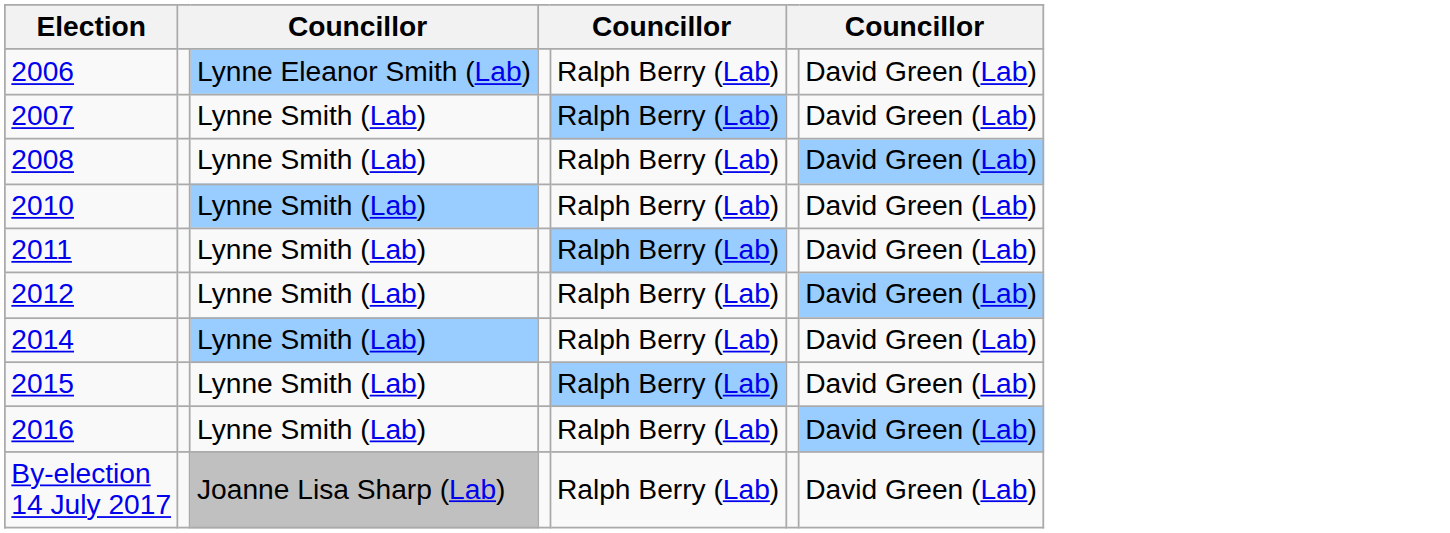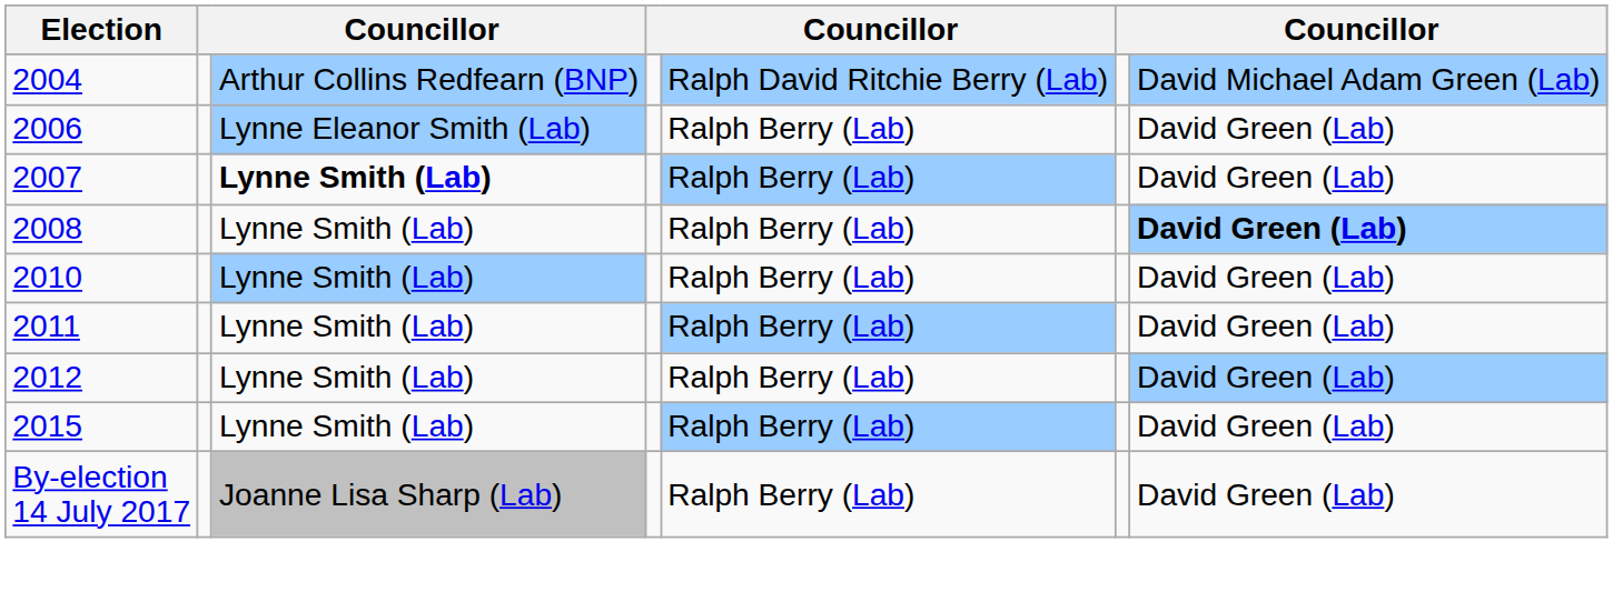 <table class="wikitable">
 <tr>
 <th>Election</th>
 <th colspan="2">Councillor</th>
 <th colspan="2">Councillor</th>
 <th colspan="2">Councillor</th>
+</tr>
+<tr>
+<td><a href='#'>2004</a></td>
+<td style="background-color: "></td>
+<td bgcolor="#99CCFF">Arthur Collins Redfearn (<a href='#'>BNP</a>)</td>
+<td style="background-color: "></td>
+<td bgcolor="#99CCFF">Ralph David Ritchie Berry (<a href='#'>Lab</a>)</td>
+<td style="background-color: "></td>
+<td bgcolor="#99CCFF">David Michael Adam Green (<a href='#'>Lab</a>)</td>
 </tr>
 <tr>
 <td><a href='#'>2006</a></td>
 <td style="background-color: "></td>
 <td bgcolor="#99CCFF">Lynne Eleanor Smith (<a href='#'>Lab</a>)</td>
 <td style="background-color: "></td>
 <td>Ralph Berry (<a href='#'>Lab</a>)</td>
 <td style="background-color: "></td>
 <td>David Green (<a href='#'>Lab</a>)</td>
 </tr>
 <tr>
 <td><a href='#'>2007</a></td>
 <td style="background-color: "></td>
-<td>Lynne Smith (<a href='#'>Lab</a>)</td>
+<td><strong>Lynne Smith (<a href='#'>Lab</a>)</strong></td>
 <td style="background-color: "></td>
 <td bgcolor="#99CCFF">Ralph Berry (<a href='#'>Lab</a>)</td>
 <td style="background-color: "></td>
 <td>David Green (<a href='#'>Lab</a>)</td>
 </tr>
 <tr>
 <td><a href='#'>2008</a></td>
 <td style="background-color: "></td>
 <td>Lynne Smith (<a href='#'>Lab</a>)</td>
 <td style="background-color: "></td>
 <td>Ralph Berry (<a href='#'>Lab</a>)</td>
 <td style="background-color: "></td>
-<td bgcolor="#99CCFF">David Green (<a href='#'>Lab</a>)</td>
+<td bgcolor="#99CCFF"><strong>David Green (<a href='#'>Lab</a>)</strong></td>
 </tr>
 <tr>
 <td><a href='#'>2010</a></td>
 <td style="background-color: "></td>
 <td bgcolor="#99CCFF">Lynne Smith (<a href='#'>Lab</a>)</td>
 <td style="background-color: "></td>
 <td>Ralph Berry (<a href='#'>Lab</a>)</td>
 <td style="background-color: "></td>
 <td>David Green (<a href='#'>Lab</a>)</td>
 </tr>
 <tr>
 <td><a href='#'>2011</a></td>
 <td style="background-color: "></td>
 <td>Lynne Smith (<a href='#'>Lab</a>)</td>
 <td style="background-color: "></td>
 <td bgcolor="#99CCFF">Ralph Berry (<a href='#'>Lab</a>)</td>
 <td style="background-color: "></td>
 <td>David Green (<a href='#'>Lab</a>)</td>
 </tr>
 <tr>
 <td><a href='#'>2012</a></td>
 <td style="background-color: "></td>
 <td>Lynne Smith (<a href='#'>Lab</a>)</td>
 <td style="background-color: "></td>
 <td>Ralph Berry (<a href='#'>Lab</a>)</td>
 <td style="background-color: "></td>
 <td bgcolor="#99CCFF">David Green (<a href='#'>Lab</a>)</td>
 </tr>
 <tr>
-<td><a href='#'>2014</a></td>
-<td style="background-color: "></td>
-<td bgcolor="#99CCFF">Lynne Smith (<a href='#'>Lab</a>)</td>
-<td style="background-color: "></td>
-<td>Ralph Berry (<a href='#'>Lab</a>)</td>
-<td style="background-color: "></td>
-<td>David Green (<a href='#'>Lab</a>)</td>
-</tr>
-<tr>
 <td><a href='#'>2015</a></td>
 <td style="background-color: "></td>
 <td>Lynne Smith (<a href='#'>Lab</a>)</td>
 <td style="background-color: "></td>
 <td bgcolor="#99CCFF">Ralph Berry (<a href='#'>Lab</a>)</td>
 <td style="background-color: "></td>
 <td>David Green (<a href='#'>Lab</a>)</td>
-</tr>
-<tr>
-<td><a href='#'>2016</a></td>
-<td style="background-color: "></td>
-<td>Lynne Smith (<a href='#'>Lab</a>)</td>
-<td style="background-color: "></td>
-<td>Ralph Berry (<a href='#'>Lab</a>)</td>
-<td style="background-color: "></td>
-<td bgcolor="#99CCFF">David Green (<a href='#'>Lab</a>)</td>
 </tr>
 <tr>
 <td><a href='#'>By-election<br>14 July 2017</a></td>
 <td style="background-color: "></td>
 <td bgcolor="#C0C0C0">Joanne Lisa Sharp (<a href='#'>Lab</a>)</td>
 <td style="background-color: "></td>
 <td>Ralph Berry (<a href='#'>Lab</a>)</td>
 <td style="background-color: "></td>
 <td>David Green (<a href='#'>Lab</a>)</td>
 </tr>
 </table>
